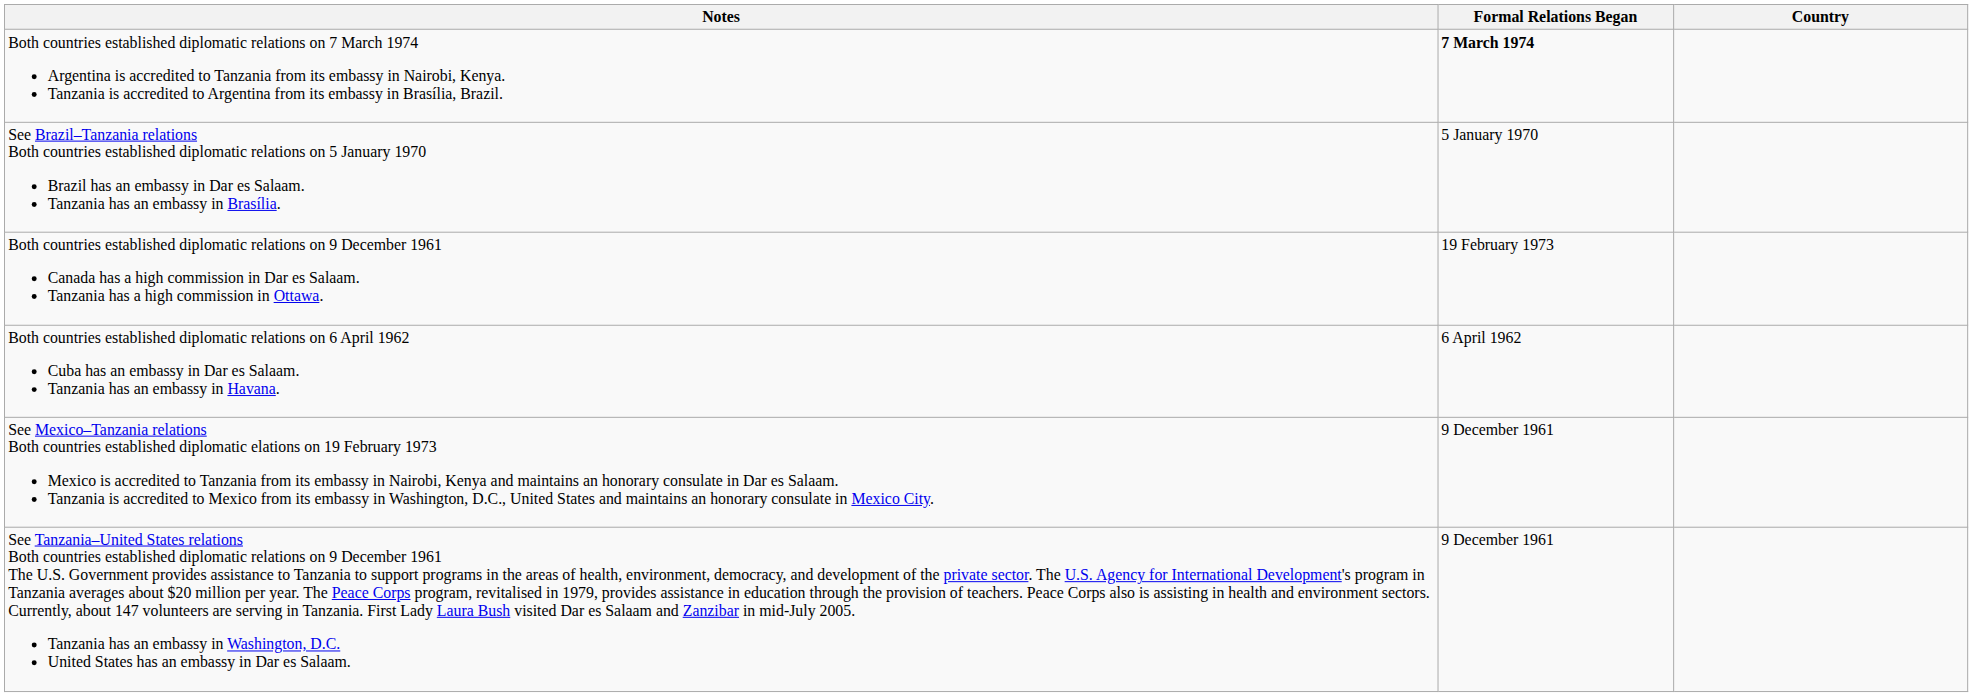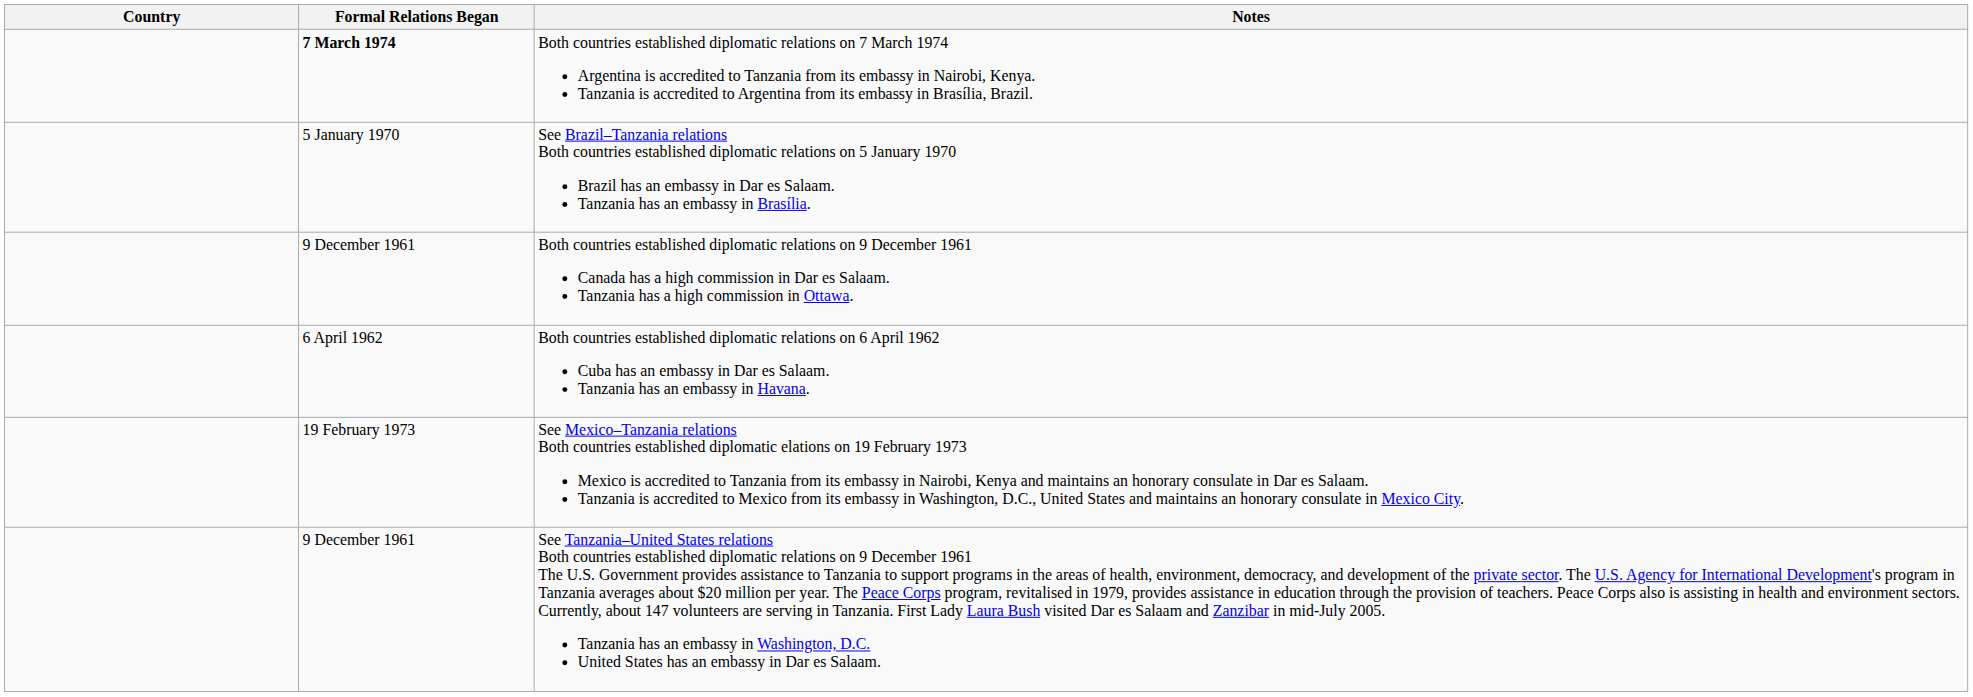 <table class="wikitable sortable" style="width:100%; margin:auto;">
 <tr>
+<th style="width:15%;">Country</th>
+<th style="width:12%;">Formal Relations Began</th>
 <th>Notes</th>
-<th style="width:12%;">Formal Relations Began</th>
-<th style="width:15%;">Country</th>
 </tr>
 <tr valign="top">
+<td></td>
+<td><strong>7 March 1974</strong></td>
 <td>Both countries established diplomatic relations on 7 March 1974<br><ul><li>Argentina is accredited to Tanzania from its embassy in Nairobi, Kenya.</li><li>Tanzania is accredited to Argentina from its embassy in Brasília, Brazil.</li></ul></td>
-<td><strong>7 March 1974</strong></td>
-<td></td>
 </tr>
 <tr valign="top">
+<td></td>
+<td>5 January 1970</td>
 <td>See <a href='#'>Brazil–Tanzania relations</a><br>Both countries established diplomatic relations on 5 January 1970<ul><li>Brazil has an embassy in Dar es Salaam.</li><li>Tanzania has an embassy in <a href='#'>Brasília</a>.</li></ul></td>
-<td>5 January 1970</td>
-<td></td>
 </tr>
 <tr valign="top">
+<td></td>
+<td>9 December 1961</td>
 <td>Both countries established diplomatic relations on 9 December 1961<br><ul><li>Canada has a high commission in Dar es Salaam.</li><li>Tanzania has a high commission in <a href='#'>Ottawa</a>.</li></ul></td>
-<td>19 February 1973</td>
-<td></td>
 </tr>
 <tr valign="top">
+<td></td>
+<td>6 April 1962</td>
 <td>Both countries established diplomatic relations on 6 April 1962<br><ul><li>Cuba has an embassy in Dar es Salaam.</li><li>Tanzania has an embassy in <a href='#'>Havana</a>.</li></ul></td>
-<td>6 April 1962</td>
-<td></td>
 </tr>
 <tr valign="top">
+<td></td>
+<td>19 February 1973</td>
 <td>See <a href='#'>Mexico–Tanzania relations</a><br>Both countries established diplomatic elations on 19 February 1973<ul><li>Mexico is accredited to Tanzania from its embassy in Nairobi, Kenya and maintains an honorary consulate in Dar es Salaam.</li><li>Tanzania is accredited to Mexico from its embassy in Washington, D.C., United States and maintains an honorary consulate in <a href='#'>Mexico City</a>.</li></ul></td>
-<td>9 December 1961</td>
-<td></td>
 </tr>
 <tr valign="top">
+<td></td>
+<td>9 December 1961</td>
 <td>See <a href='#'>Tanzania–United States relations</a><br>Both countries established diplomatic relations on 9 December 1961<br>The U.S. Government provides assistance to Tanzania to support programs in the areas of health, environment, democracy, and development of the <a href='#'>private sector</a>. The <a href='#'>U.S. Agency for International Development</a>'s program in Tanzania averages about $20 million per year. The <a href='#'>Peace Corps</a> program, revitalised in 1979, provides assistance in education through the provision of teachers. Peace Corps also is assisting in health and environment sectors. Currently, about 147 volunteers are serving in Tanzania. First Lady <a href='#'>Laura Bush</a> visited Dar es Salaam and <a href='#'>Zanzibar</a> in mid-July 2005.<ul><li>Tanzania has an embassy in <a href='#'>Washington, D.C.</a></li><li>United States has an embassy in Dar es Salaam.</li></ul></td>
-<td>9 December 1961</td>
-<td></td>
 </tr>
 </table>
